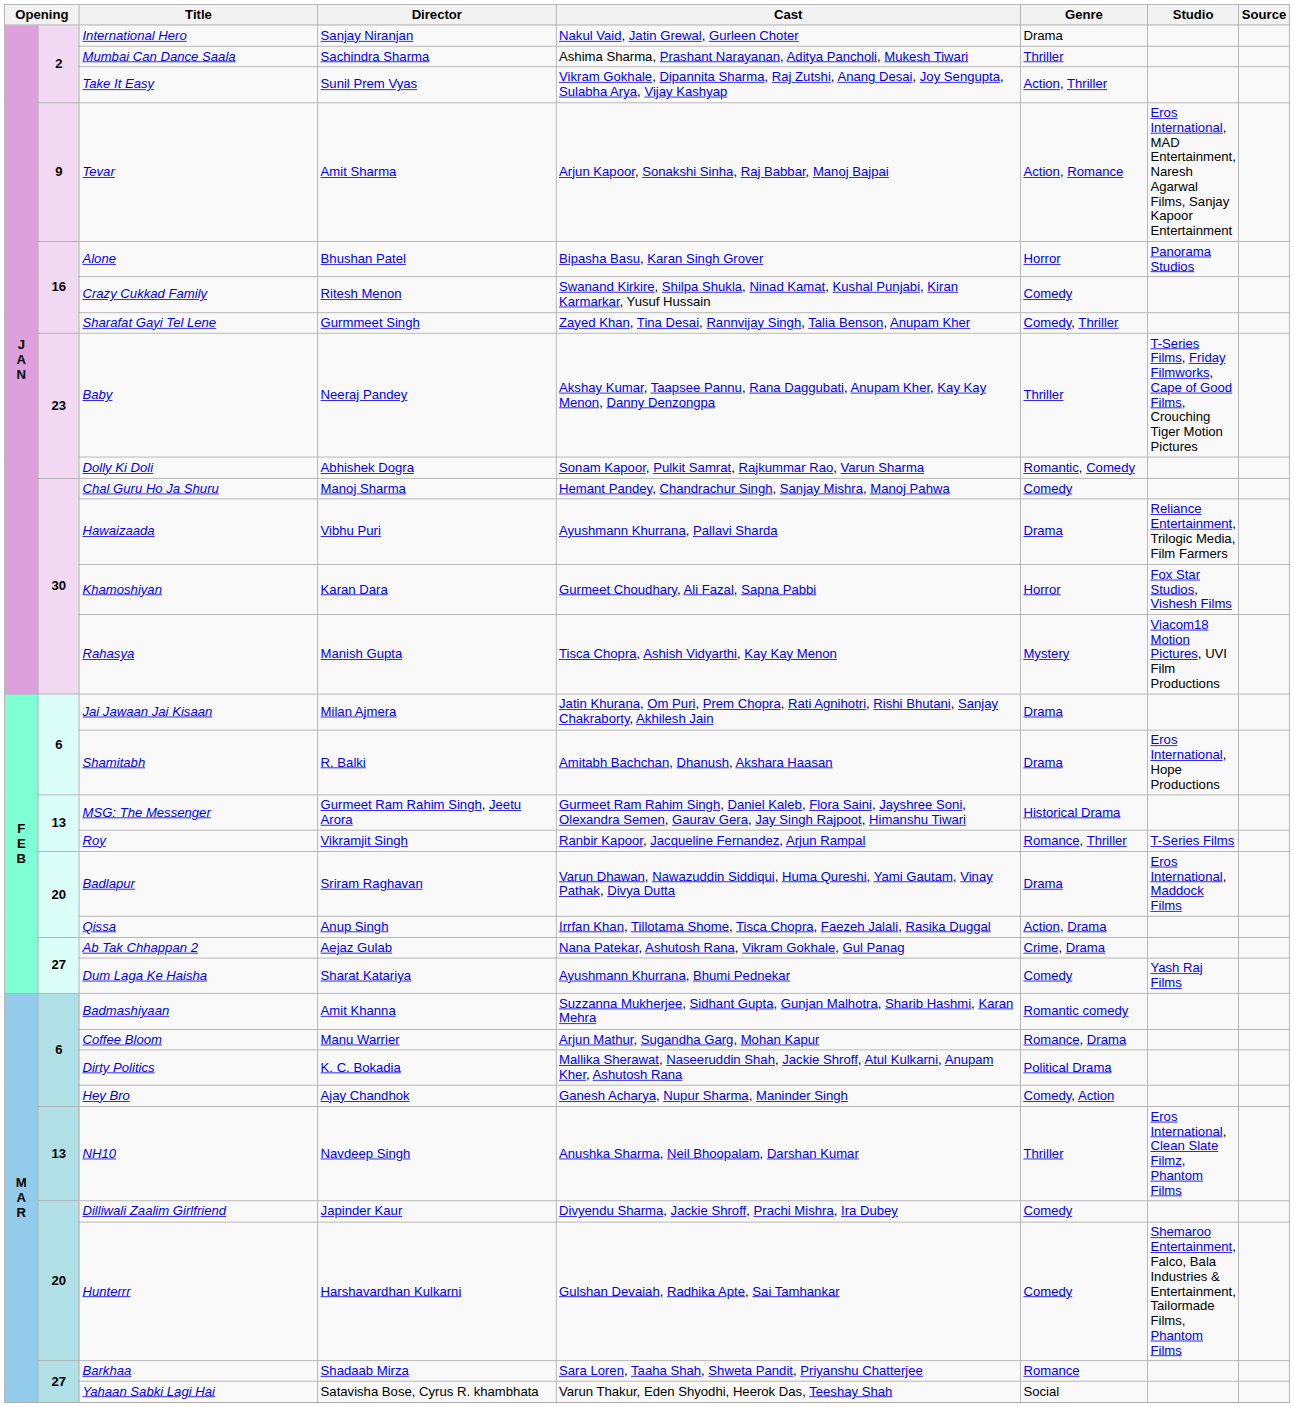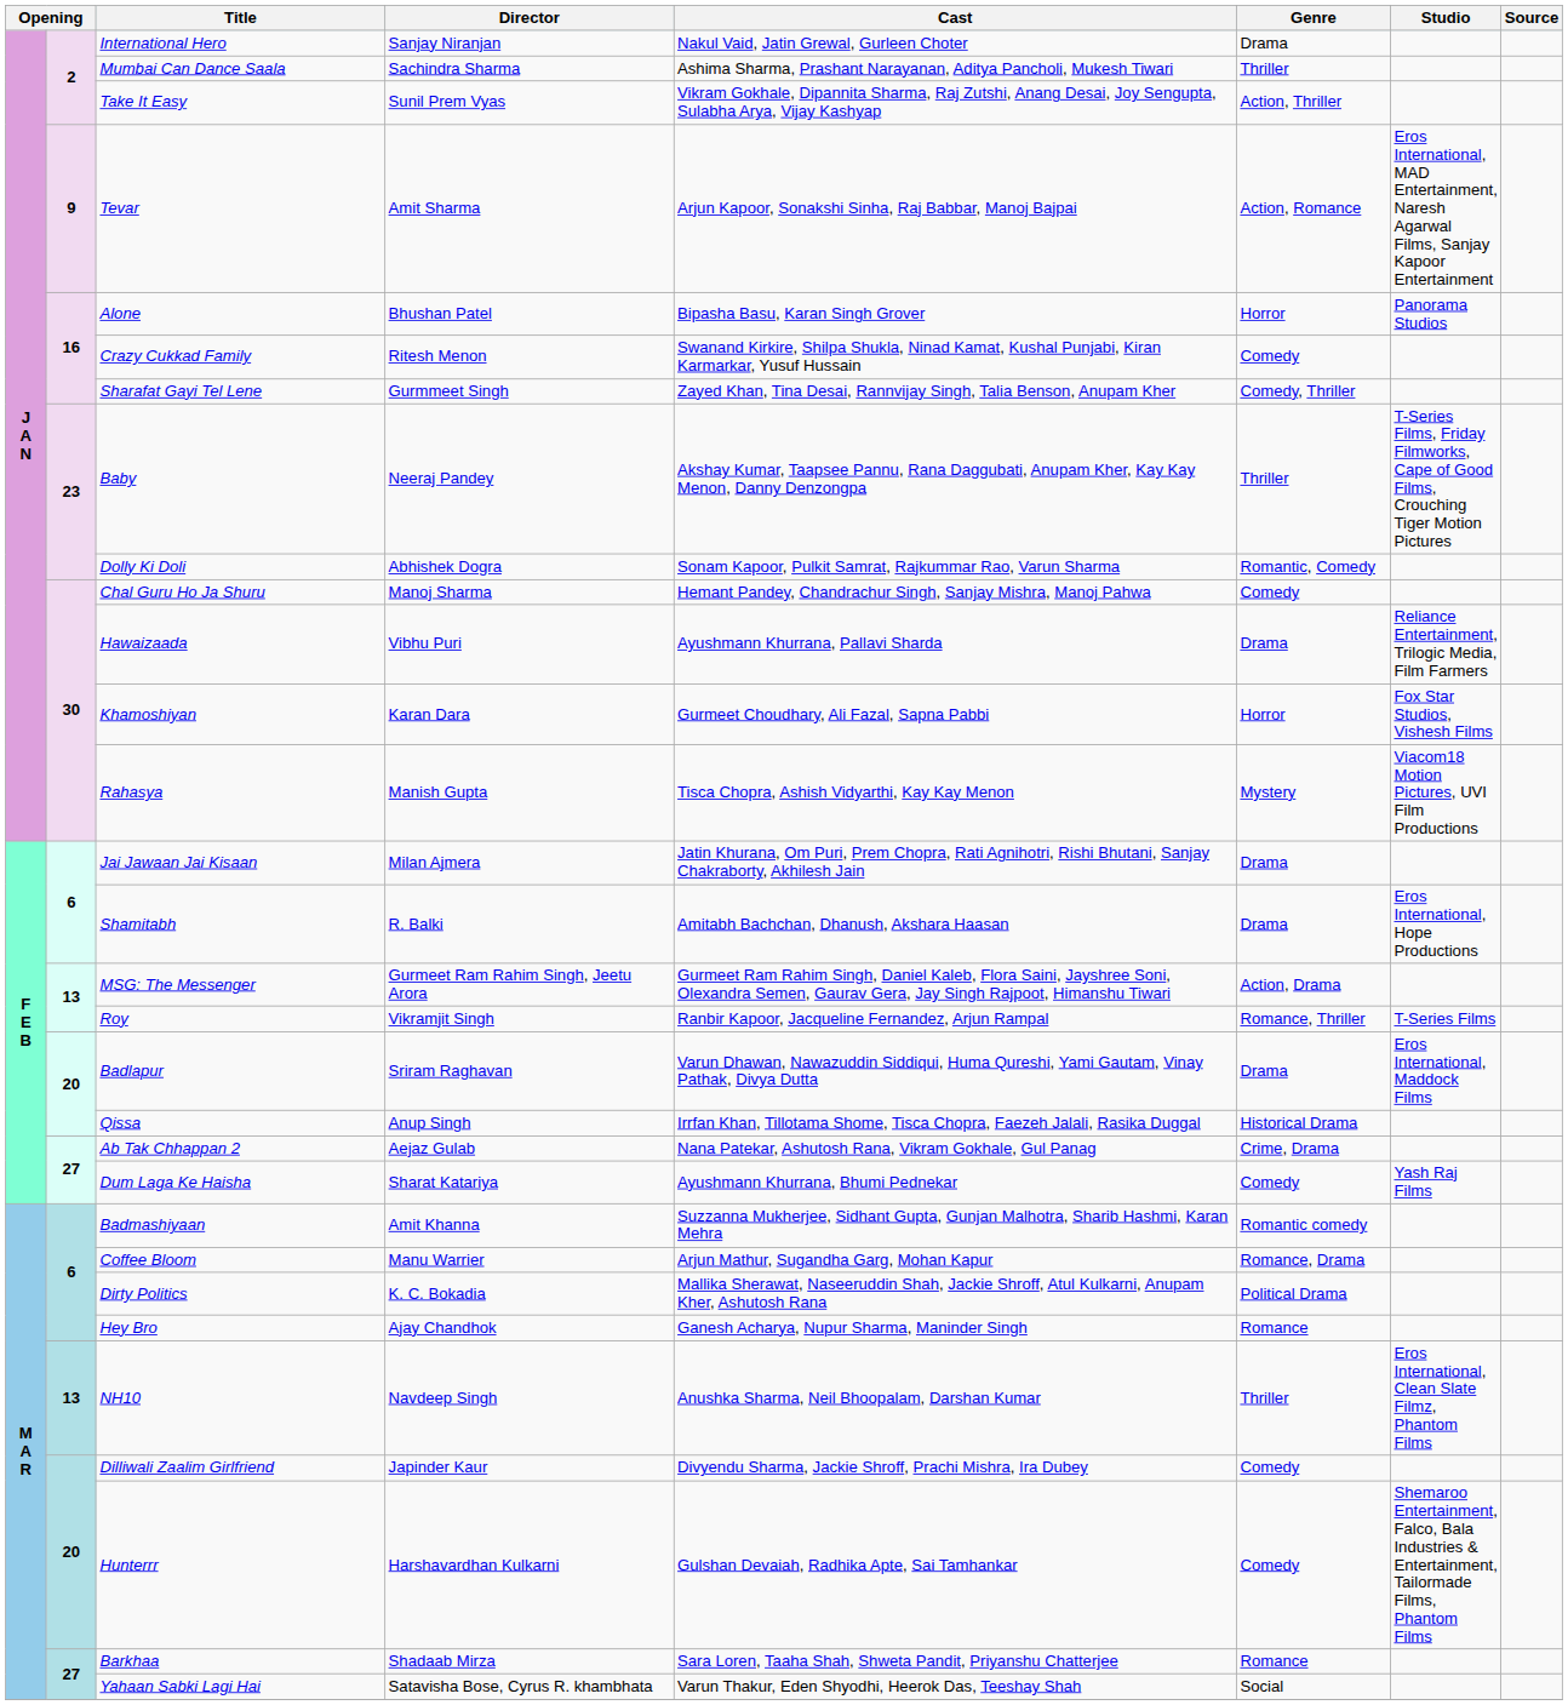 <table class="wikitable">
 <tr style="background:#b0e0e6; text-align:center;">
 <th colspan="2" style="width:6%;"><strong>Opening</strong></th>
 <th style="width:20%;"><strong>Title</strong></th>
 <th style="width:20%;"><strong>Director</strong></th>
 <th style="width:40%;"><strong>Cast</strong></th>
 <th style="width:10.5%;"><strong>Genre</strong></th>
 <th>Studio</th>
 <th>Source</th>
 </tr>
 <tr January!>
 <td rowspan="13" style="text-align:center; background:plum; textcolor:#000;"><strong>J<br>A<br>N</strong></td>
 <td rowspan="3" style="text-align:center;background:#f1daf1;"><strong>2</strong></td>
 <td><em><a href='#'>International Hero</a></em></td>
 <td><a href='#'>Sanjay Niranjan</a></td>
 <td><a href='#'>Nakul Vaid</a>, <a href='#'>Jatin Grewal</a>, <a href='#'>Gurleen Choter</a></td>
 <td>Drama</td>
 <td></td>
 <td></td>
 </tr>
 <tr>
 <td><em><a href='#'>Mumbai Can Dance Saala</a></em></td>
 <td><a href='#'>Sachindra Sharma</a></td>
 <td>Ashima Sharma, <a href='#'>Prashant Narayanan</a>, <a href='#'>Aditya Pancholi</a>, <a href='#'>Mukesh Tiwari</a></td>
 <td><a href='#'>Thriller</a></td>
 <td></td>
 <td></td>
 </tr>
 <tr>
 <td><em><a href='#'>Take It Easy</a></em></td>
 <td><a href='#'>Sunil Prem Vyas</a></td>
 <td><a href='#'>Vikram Gokhale</a>, <a href='#'>Dipannita Sharma</a>, <a href='#'>Raj Zutshi</a>, <a href='#'>Anang Desai</a>, <a href='#'>Joy Sengupta</a>, <a href='#'>Sulabha Arya</a>, <a href='#'>Vijay Kashyap</a></td>
 <td><a href='#'>Action</a>, <a href='#'>Thriller</a></td>
 <td></td>
 <td></td>
 </tr>
 <tr>
 <td rowspan="1" style="text-align:center;background:#f1daf1;"><strong>9</strong></td>
 <td><em><a href='#'>Tevar</a></em></td>
 <td><a href='#'>Amit Sharma</a></td>
 <td><a href='#'>Arjun Kapoor</a>, <a href='#'>Sonakshi Sinha</a>, <a href='#'>Raj Babbar</a>, <a href='#'>Manoj Bajpai</a></td>
 <td><a href='#'>Action</a>, <a href='#'>Romance</a></td>
 <td><a href='#'>Eros International</a>, MAD Entertainment, Naresh Agarwal Films, Sanjay Kapoor Entertainment</td>
 <td></td>
 </tr>
 <tr>
 <td rowspan="3" style="text-align:center;background:#f1daf1;"><strong>16</strong></td>
 <td><em><a href='#'>Alone</a></em></td>
 <td><a href='#'>Bhushan Patel</a></td>
 <td><a href='#'>Bipasha Basu</a>, <a href='#'>Karan Singh Grover</a></td>
 <td><a href='#'>Horror</a></td>
 <td><a href='#'>Panorama Studios</a></td>
 <td></td>
 </tr>
 <tr>
 <td><em><a href='#'>Crazy Cukkad Family</a></em></td>
 <td><a href='#'>Ritesh Menon</a></td>
 <td><a href='#'>Swanand Kirkire</a>, <a href='#'>Shilpa Shukla</a>, <a href='#'>Ninad Kamat</a>, <a href='#'>Kushal Punjabi</a>, <a href='#'>Kiran Karmarkar</a>, Yusuf Hussain</td>
 <td><a href='#'>Comedy</a></td>
 <td></td>
 <td></td>
 </tr>
 <tr>
 <td><em><a href='#'>Sharafat Gayi Tel Lene</a></em></td>
 <td><a href='#'>Gurmmeet Singh</a></td>
 <td><a href='#'>Zayed Khan</a>, <a href='#'>Tina Desai</a>, <a href='#'>Rannvijay Singh</a>, <a href='#'>Talia Benson</a>, <a href='#'>Anupam Kher</a></td>
 <td><a href='#'>Comedy</a>, <a href='#'>Thriller</a></td>
 <td></td>
 <td></td>
 </tr>
 <tr>
 <td rowspan="2" style="text-align:center;background:#f1daf1;"><strong>23</strong></td>
 <td><em><a href='#'>Baby</a></em></td>
 <td><a href='#'>Neeraj Pandey</a></td>
 <td><a href='#'>Akshay Kumar</a>, <a href='#'>Taapsee Pannu</a>, <a href='#'>Rana Daggubati</a>, <a href='#'>Anupam Kher</a>, <a href='#'>Kay Kay Menon</a>, <a href='#'>Danny Denzongpa</a></td>
 <td><a href='#'>Thriller</a></td>
 <td><a href='#'>T-Series Films</a>, <a href='#'>Friday Filmworks</a>, <a href='#'>Cape of Good Films</a>, Crouching Tiger Motion Pictures</td>
 <td></td>
 </tr>
 <tr>
 <td><em><a href='#'>Dolly Ki Doli</a></em></td>
 <td><a href='#'>Abhishek Dogra</a></td>
 <td><a href='#'>Sonam Kapoor</a>, <a href='#'>Pulkit Samrat</a>, <a href='#'>Rajkummar Rao</a>, <a href='#'>Varun Sharma</a></td>
 <td><a href='#'>Romantic</a>, <a href='#'>Comedy</a></td>
 <td></td>
 <td></td>
 </tr>
 <tr>
 <td rowspan="4" style="text-align:center;background:#f1daf1;"><strong>30</strong></td>
 <td><em><a href='#'>Chal Guru Ho Ja Shuru</a></em></td>
 <td><a href='#'>Manoj Sharma</a></td>
 <td><a href='#'>Hemant Pandey</a>, <a href='#'>Chandrachur Singh</a>, <a href='#'>Sanjay Mishra</a>, <a href='#'>Manoj Pahwa</a></td>
 <td><a href='#'>Comedy</a></td>
 <td></td>
 <td></td>
 </tr>
 <tr>
 <td><em><a href='#'>Hawaizaada</a></em></td>
 <td><a href='#'>Vibhu Puri</a></td>
 <td><a href='#'>Ayushmann Khurrana</a>, <a href='#'>Pallavi Sharda</a></td>
 <td><a href='#'>Drama</a></td>
 <td><a href='#'>Reliance Entertainment</a>, Trilogic Media, Film Farmers</td>
 <td></td>
 </tr>
 <tr>
 <td><em><a href='#'>Khamoshiyan</a></em></td>
 <td><a href='#'>Karan Dara</a></td>
 <td><a href='#'>Gurmeet Choudhary</a>, <a href='#'>Ali Fazal</a>, <a href='#'>Sapna Pabbi</a></td>
 <td><a href='#'>Horror</a></td>
 <td><a href='#'>Fox Star Studios</a>, <a href='#'>Vishesh Films</a></td>
 <td></td>
 </tr>
 <tr>
 <td><em><a href='#'>Rahasya</a></em></td>
 <td><a href='#'>Manish Gupta</a></td>
 <td><a href='#'>Tisca Chopra</a>, <a href='#'>Ashish Vidyarthi</a>, <a href='#'>Kay Kay Menon</a></td>
 <td><a href='#'>Mystery</a></td>
 <td><a href='#'>Viacom18 Motion Pictures</a>, UVI Film Productions</td>
 <td></td>
 </tr>
 <tr February!>
 <td rowspan="8" style="text-align:center; background:#7FFFD4; textcolor:#000;"><strong>F<br>E<br>B</strong></td>
 <td rowspan="2" style="text-align:center;background:#DBFFF8;"><strong>6</strong></td>
 <td><em><a href='#'>Jai Jawaan Jai Kisaan</a></em></td>
 <td><a href='#'>Milan Ajmera</a></td>
 <td><a href='#'>Jatin Khurana</a>, <a href='#'>Om Puri</a>, <a href='#'>Prem Chopra</a>, <a href='#'>Rati Agnihotri</a>, <a href='#'>Rishi Bhutani</a>, <a href='#'>Sanjay Chakraborty</a>, <a href='#'>Akhilesh Jain</a></td>
 <td><a href='#'>Drama</a></td>
 <td></td>
 <td></td>
 </tr>
 <tr>
 <td><em><a href='#'>Shamitabh</a></em></td>
 <td><a href='#'>R. Balki</a></td>
 <td><a href='#'>Amitabh Bachchan</a>, <a href='#'>Dhanush</a>, <a href='#'>Akshara Haasan</a></td>
 <td><a href='#'>Drama</a></td>
 <td><a href='#'>Eros International</a>, Hope Productions</td>
 <td></td>
 </tr>
 <tr>
 <td rowspan="2" style="text-align:center;background:#DBFFF8;"><strong>13</strong></td>
 <td><em><a href='#'>MSG: The Messenger</a></em></td>
 <td><a href='#'>Gurmeet Ram Rahim Singh</a>, <a href='#'>Jeetu Arora</a></td>
 <td><a href='#'>Gurmeet Ram Rahim Singh</a>, <a href='#'>Daniel Kaleb</a>, <a href='#'>Flora Saini</a>, <a href='#'>Jayshree Soni</a>, <a href='#'>Olexandra Semen</a>, <a href='#'>Gaurav Gera</a>, <a href='#'>Jay Singh Rajpoot</a>, <a href='#'>Himanshu Tiwari</a></td>
-<td><a href='#'>Historical Drama</a></td>
+<td><a href='#'>Action</a>, <a href='#'>Drama</a></td>
 <td></td>
 <td></td>
 </tr>
 <tr>
 <td><em><a href='#'>Roy</a></em></td>
 <td><a href='#'>Vikramjit Singh</a></td>
 <td><a href='#'>Ranbir Kapoor</a>, <a href='#'>Jacqueline Fernandez</a>, <a href='#'>Arjun Rampal</a></td>
 <td><a href='#'>Romance</a>, <a href='#'>Thriller</a></td>
 <td><a href='#'>T-Series Films</a></td>
 <td></td>
 </tr>
 <tr>
 <td rowspan="2" style="text-align:center;background:#DBFFF8;"><strong>20</strong></td>
 <td><em><a href='#'>Badlapur</a></em></td>
 <td><a href='#'>Sriram Raghavan</a></td>
 <td><a href='#'>Varun Dhawan</a>, <a href='#'>Nawazuddin Siddiqui</a>, <a href='#'>Huma Qureshi</a>, <a href='#'>Yami Gautam</a>, <a href='#'>Vinay Pathak</a>, <a href='#'>Divya Dutta</a></td>
 <td><a href='#'>Drama</a></td>
 <td><a href='#'>Eros International</a>, <a href='#'>Maddock Films</a></td>
 <td></td>
 </tr>
 <tr>
 <td><em><a href='#'>Qissa</a></em></td>
 <td><a href='#'>Anup Singh</a></td>
 <td><a href='#'>Irrfan Khan</a>, <a href='#'>Tillotama Shome</a>, <a href='#'>Tisca Chopra</a>, <a href='#'>Faezeh Jalali</a>, <a href='#'>Rasika Duggal</a></td>
-<td><a href='#'>Action</a>, <a href='#'>Drama</a></td>
+<td><a href='#'>Historical Drama</a></td>
 <td></td>
 <td></td>
 </tr>
 <tr>
 <td rowspan="2" style="text-align:center;background:#DBFFF8;"><strong>27</strong></td>
 <td><em><a href='#'>Ab Tak Chhappan 2</a></em></td>
 <td><a href='#'>Aejaz Gulab</a></td>
 <td><a href='#'>Nana Patekar</a>, <a href='#'>Ashutosh Rana</a>, <a href='#'>Vikram Gokhale</a>, <a href='#'>Gul Panag</a></td>
 <td><a href='#'>Crime</a>, <a href='#'>Drama</a></td>
 <td></td>
 <td></td>
 </tr>
 <tr>
 <td><em><a href='#'>Dum Laga Ke Haisha</a></em></td>
 <td><a href='#'>Sharat Katariya</a></td>
 <td><a href='#'>Ayushmann Khurrana</a>, <a href='#'>Bhumi Pednekar</a></td>
 <td><a href='#'>Comedy</a></td>
 <td><a href='#'>Yash Raj Films</a></td>
 <td></td>
 </tr>
 <tr March!>
 <td rowspan="9" style="text-align:center; background:#93CCEA; textcolor:#000;"><strong>M<br>A<br>R</strong></td>
 <td rowspan="4" style="text-align:center;background:#B0E0E6;"><strong>6</strong></td>
 <td><em><a href='#'>Badmashiyaan</a></em></td>
 <td><a href='#'>Amit Khanna</a></td>
 <td><a href='#'>Suzzanna Mukherjee</a>, <a href='#'>Sidhant Gupta</a>, <a href='#'>Gunjan Malhotra</a>, <a href='#'>Sharib Hashmi</a>, <a href='#'>Karan Mehra</a></td>
 <td><a href='#'>Romantic comedy</a></td>
 <td></td>
 <td></td>
 </tr>
 <tr>
 <td><em><a href='#'>Coffee Bloom</a></em></td>
 <td><a href='#'>Manu Warrier</a></td>
 <td><a href='#'>Arjun Mathur</a>, <a href='#'>Sugandha Garg</a>, <a href='#'>Mohan Kapur</a></td>
 <td><a href='#'>Romance</a>, <a href='#'>Drama</a></td>
 <td></td>
 <td></td>
 </tr>
 <tr>
 <td><em><a href='#'>Dirty Politics</a></em></td>
 <td><a href='#'>K. C. Bokadia</a></td>
 <td><a href='#'>Mallika Sherawat</a>, <a href='#'>Naseeruddin Shah</a>, <a href='#'>Jackie Shroff</a>, <a href='#'>Atul Kulkarni</a>, <a href='#'>Anupam Kher</a>, <a href='#'>Ashutosh Rana</a></td>
 <td><a href='#'>Political Drama</a></td>
 <td></td>
 <td></td>
 </tr>
 <tr>
 <td><em><a href='#'>Hey Bro</a></em></td>
 <td><a href='#'>Ajay Chandhok</a></td>
 <td><a href='#'>Ganesh Acharya</a>, <a href='#'>Nupur Sharma</a>, <a href='#'>Maninder Singh</a></td>
-<td><a href='#'>Comedy</a>, <a href='#'>Action</a></td>
+<td><a href='#'>Romance</a></td>
 <td></td>
 <td></td>
 </tr>
 <tr>
 <td rowspan="1" style="text-align:center;background:#B0E0E6;"><strong>13</strong></td>
 <td><em><a href='#'>NH10</a></em></td>
 <td><a href='#'>Navdeep Singh</a></td>
 <td><a href='#'>Anushka Sharma</a>, <a href='#'>Neil Bhoopalam</a>, <a href='#'>Darshan Kumar</a></td>
 <td><a href='#'>Thriller</a></td>
 <td><a href='#'>Eros International</a>, <a href='#'>Clean Slate Filmz</a>, <a href='#'>Phantom Films</a></td>
 <td></td>
 </tr>
 <tr>
 <td rowspan="2" style="text-align:center;background:#B0E0E6;"><strong>20</strong></td>
 <td><em><a href='#'>Dilliwali Zaalim Girlfriend</a></em></td>
 <td><a href='#'>Japinder Kaur</a></td>
 <td><a href='#'>Divyendu Sharma</a>, <a href='#'>Jackie Shroff</a>, <a href='#'>Prachi Mishra</a>, <a href='#'>Ira Dubey</a></td>
 <td><a href='#'>Comedy</a></td>
 <td></td>
 <td></td>
 </tr>
 <tr>
 <td><em><a href='#'>Hunterrr</a></em></td>
 <td><a href='#'>Harshavardhan Kulkarni</a></td>
 <td><a href='#'>Gulshan Devaiah</a>, <a href='#'>Radhika Apte</a>, <a href='#'>Sai Tamhankar</a></td>
 <td><a href='#'>Comedy</a></td>
 <td><a href='#'>Shemaroo Entertainment</a>, Falco, Bala Industries & Entertainment, Tailormade Films, <a href='#'>Phantom Films</a></td>
 <td></td>
 </tr>
 <tr>
 <td rowspan="2" style="text-align:center;background:#B0E0E6;"><strong>27</strong></td>
 <td><em><a href='#'>Barkhaa</a></em></td>
 <td><a href='#'>Shadaab Mirza</a></td>
 <td><a href='#'>Sara Loren</a>, <a href='#'>Taaha Shah</a>, <a href='#'>Shweta Pandit</a>, <a href='#'>Priyanshu Chatterjee</a></td>
 <td><a href='#'>Romance</a></td>
 <td></td>
 <td></td>
 </tr>
 <tr>
 <td><em><a href='#'>Yahaan Sabki Lagi Hai</a></em></td>
 <td>Satavisha Bose, Cyrus R. khambhata</td>
 <td>Varun Thakur, Eden Shyodhi, Heerok Das, <a href='#'>Teeshay Shah</a></td>
 <td>Social</td>
 <td></td>
 <td></td>
 </tr>
 <tr>
 </tr>
 </table>
